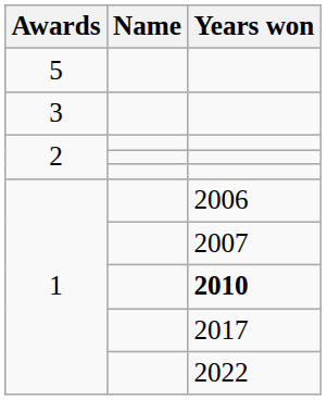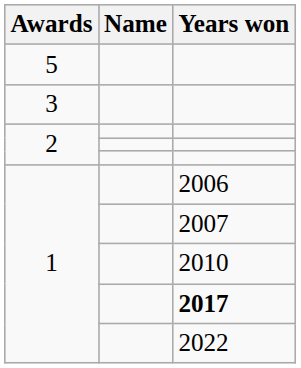 <table class="wikitable style="font-size:100%; text-align: left; width:70%">
 <tr>
 <th>Awards</th>
 <th>Name</th>
 <th>Years won</th>
 </tr>
 <tr>
 <td align=center>5</td>
 <td></td>
 <td></td>
 </tr>
 <tr>
 <td align=center>3</td>
 <td></td>
 <td></td>
 </tr>
 <tr>
 <td align=center rowspan=3>2</td>
 <td></td>
 <td></td>
 </tr>
 <tr>
 <td></td>
 <td></td>
 </tr>
 <tr>
 <td></td>
 <td></td>
 </tr>
 <tr>
 <td rowspan=5 align=center>1</td>
 <td></td>
 <td>2006</td>
 </tr>
 <tr>
 <td></td>
 <td>2007</td>
 </tr>
 <tr>
 <td></td>
-<td><strong>2010</strong></td>
+<td>2010</td>
 </tr>
 <tr>
 <td></td>
-<td>2017</td>
+<td><strong>2017</strong></td>
 </tr>
 <tr>
 <td></td>
 <td>2022</td>
 </tr>
 </table>
